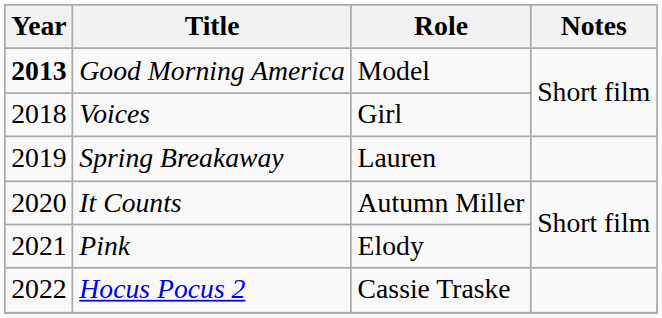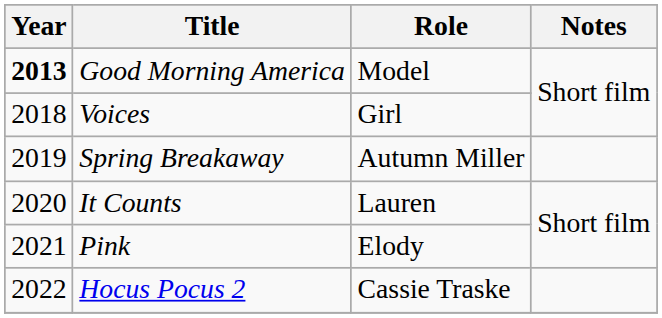 <table class="wikitable sortable">
 <tr>
 <th>Year</th>
 <th>Title</th>
 <th>Role</th>
 <th class="unsortable">Notes</th>
 </tr>
 <tr>
 <td><strong>2013</strong></td>
 <td><em>Good Morning America</em></td>
 <td>Model</td>
 <td rowspan="2">Short film</td>
 </tr>
 <tr>
 <td>2018</td>
 <td><em>Voices</em></td>
 <td>Girl</td>
 </tr>
 <tr>
 <td>2019</td>
 <td><em>Spring Breakaway</em></td>
-<td>Lauren</td>
+<td>Autumn Miller</td>
 <td></td>
 </tr>
 <tr>
 <td>2020</td>
 <td><em>It Counts</em></td>
-<td>Autumn Miller</td>
+<td>Lauren</td>
 <td rowspan="2">Short film</td>
 </tr>
 <tr>
 <td>2021</td>
 <td><em>Pink</em></td>
 <td>Elody</td>
 </tr>
 <tr>
 <td>2022</td>
 <td><em><a href='#'>Hocus Pocus 2</a></em></td>
 <td>Cassie Traske</td>
 <td></td>
 </tr>
 <tr>
 </tr>
 </table>
